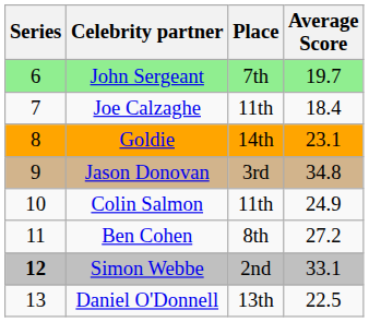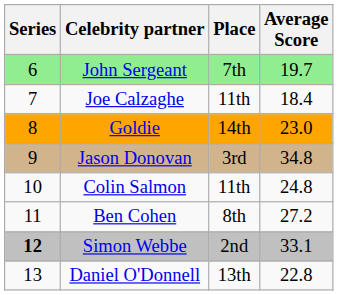 <table class="wikitable sortable" style="margin:auto;">
 <tr>
 <th>Series</th>
 <th>Celebrity partner</th>
 <th>Place</th>
 <th>Average<br>Score</th>
 </tr>
 <tr style="text-align:center; background:lightgreen;">
 <td>6</td>
 <td><a href='#'>John Sergeant</a></td>
 <td>7th</td>
 <td>19.7</td>
 </tr>
 <tr style="text-align:center;">
 <td>7</td>
 <td><a href='#'>Joe Calzaghe</a></td>
 <td>11th</td>
 <td>18.4</td>
 </tr>
 <tr style="text-align:center; background:orange;">
 <td>8</td>
 <td><a href='#'>Goldie</a></td>
 <td>14th</td>
-<td>23.1</td>
+<td>23.0</td>
 </tr>
 <tr style="text-align:center; background:tan;">
 <td>9</td>
 <td><a href='#'>Jason Donovan</a></td>
 <td>3rd</td>
 <td>34.8</td>
 </tr>
 <tr style="text-align:center;">
 <td>10</td>
 <td><a href='#'>Colin Salmon</a></td>
 <td>11th</td>
-<td>24.9</td>
+<td>24.8</td>
 </tr>
 <tr style="text-align:center;">
 <td>11</td>
 <td><a href='#'>Ben Cohen</a></td>
 <td>8th</td>
 <td>27.2</td>
 </tr>
 <tr style="text-align:center; background:silver;">
 <td><strong>12</strong></td>
 <td><a href='#'>Simon Webbe</a></td>
 <td>2nd</td>
 <td>33.1</td>
 </tr>
 <tr style="text-align:center;">
 <td>13</td>
 <td><a href='#'>Daniel O'Donnell</a></td>
 <td>13th</td>
-<td>22.5</td>
+<td>22.8</td>
 </tr>
 </table>
